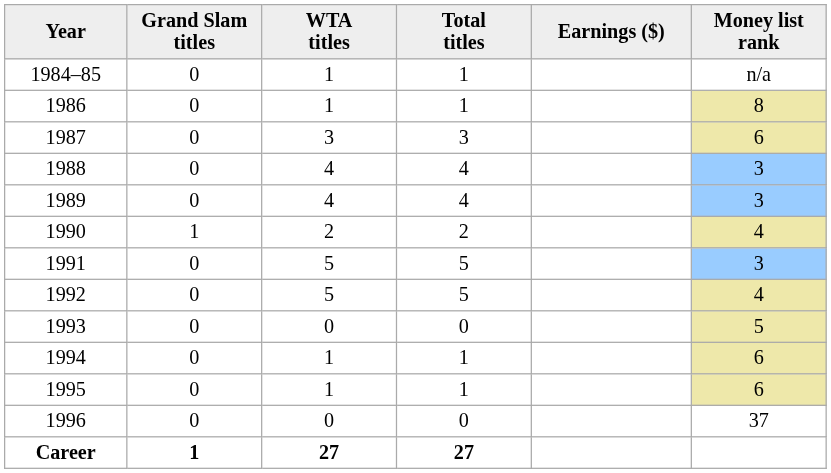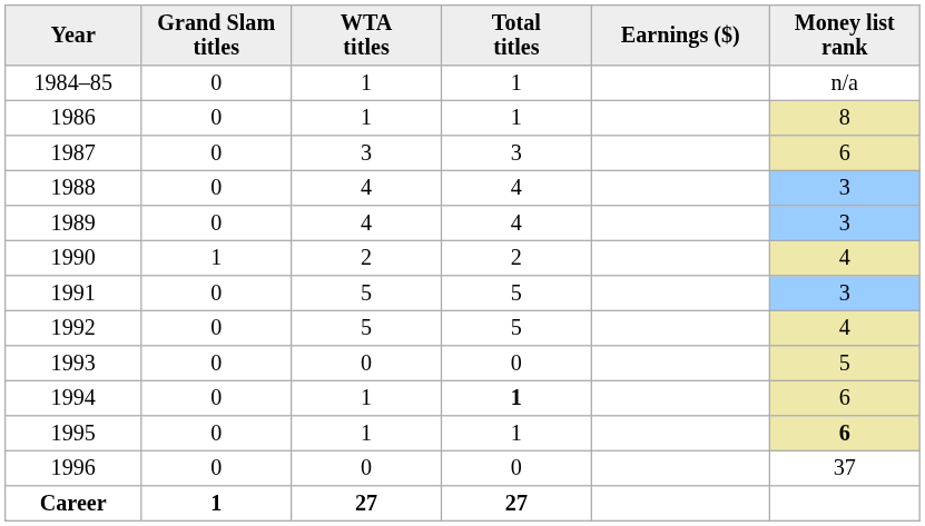 <table cellpadding=3 cellspacing=0 border=1 style=border:#aaa;solid:1px;border-collapse:collapse;text-align:center;>
 <tr style=background:#eee;font-weight:bold>
 <td width="90">Year</td>
 <td width="100">Grand Slam <br>titles</td>
 <td width="100">WTA <br>titles</td>
 <td width="100">Total <br>titles</td>
 <td width="120">Earnings ($)</td>
 <td width="100">Money list rank</td>
 </tr>
 <tr>
 <td align="center">1984–85</td>
 <td align="center">0</td>
 <td align="center">1</td>
 <td align="center">1</td>
 <td align="right"></td>
 <td align="center">n/a</td>
 </tr>
 <tr>
 <td align="center">1986</td>
 <td align="center">0</td>
 <td align="center">1</td>
 <td align="center">1</td>
 <td align="right"></td>
 <td align="center" style="background:#eee8aa;">8</td>
 </tr>
 <tr>
 <td align="center">1987</td>
 <td align="center">0</td>
 <td align="center">3</td>
 <td align="center">3</td>
 <td align="right"></td>
 <td align="center" style="background:#eee8aa;">6</td>
 </tr>
 <tr>
 <td align="center">1988</td>
 <td align="center">0</td>
 <td align="center">4</td>
 <td align="center">4</td>
 <td align="right"></td>
 <td align="center" style="background:#99ccff;">3</td>
 </tr>
 <tr>
 <td align="center">1989</td>
 <td align="center">0</td>
 <td align="center">4</td>
 <td align="center">4</td>
 <td align="right"></td>
 <td align="center" style="background:#99ccff;">3</td>
 </tr>
 <tr>
 <td align="center">1990</td>
 <td align="center">1</td>
 <td align="center">2</td>
 <td align="center">2</td>
 <td align="right"></td>
 <td align="center" style="background:#eee8aa;">4</td>
 </tr>
 <tr>
 <td align="center">1991</td>
 <td align="center">0</td>
 <td align="center">5</td>
 <td align="center">5</td>
 <td align="right"> </td>
 <td align="center" style="background:#99ccff;">3</td>
 </tr>
 <tr>
 <td align="center">1992</td>
 <td align="center">0</td>
 <td align="center">5</td>
 <td align="center">5</td>
 <td align="right"></td>
 <td align="center" style="background:#eee8aa;">4</td>
 </tr>
 <tr>
 <td align="center">1993</td>
 <td align="center">0</td>
 <td align="center">0</td>
 <td align="center">0</td>
 <td align="right"> </td>
 <td align="center" style="background:#eee8aa;">5</td>
 </tr>
 <tr>
 <td align="center">1994</td>
 <td align="center">0</td>
 <td align="center">1</td>
-<td align="center">1</td>
+<td align="center"><strong>1</strong></td>
 <td align="right"></td>
 <td align="center" style="background:#eee8aa;">6</td>
 </tr>
 <tr>
 <td align="center">1995</td>
 <td align="center">0</td>
 <td align="center">1</td>
 <td align="center">1</td>
 <td align="right"></td>
-<td align="center" style="background:#eee8aa;">6</td>
+<td align="center" style="background:#eee8aa;"><strong>6</strong></td>
 </tr>
 <tr>
 <td align="center">1996</td>
 <td align="center">0</td>
 <td align="center">0</td>
 <td align="center">0</td>
 <td align="right"></td>
 <td align="center">37</td>
 </tr>
 <tr>
 <th align="center">Career</th>
 <th align="center">1</th>
 <th align="center">27</th>
 <th align="center">27</th>
 <th align="right"></th>
 <th align="center"></th>
 </tr>
 </table>
